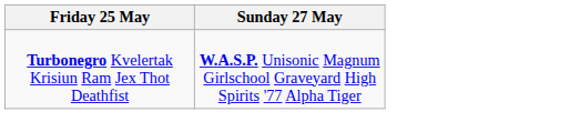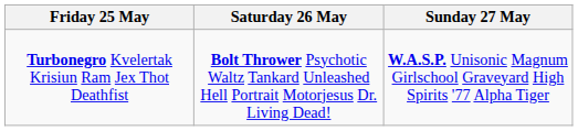 <table class="wikitable">
 <tr>
 <th>Friday 25 May</th>
+<th>Saturday 26 May</th>
 <th>Sunday 27 May</th>
 </tr>
 <tr>
 <td valign="top" align="center" width=185><br><strong><a href='#'>Turbonegro</a></strong> <a href='#'>Kvelertak</a> <a href='#'>Krisiun</a> <a href='#'>Ram</a> <a href='#'>Jex Thot</a> <a href='#'>Deathfist</a></td>
+<td valign="top" align="center" width=185><br><strong><a href='#'>Bolt Thrower</a></strong> <a href='#'>Psychotic Waltz</a> <a href='#'>Tankard</a> <a href='#'>Unleashed</a> <a href='#'>Hell</a> <a href='#'>Portrait</a> <a href='#'>Motorjesus</a> <a href='#'>Dr. Living Dead!</a></td>
 <td valign="top" align="center" width=185><br><strong><a href='#'>W.A.S.P.</a></strong> <a href='#'>Unisonic</a> <a href='#'>Magnum</a> <a href='#'>Girlschool</a> <a href='#'>Graveyard</a> <a href='#'>High Spirits</a> <a href='#'>'77</a> <a href='#'>Alpha Tiger</a></td>
 </tr>
 </table>
